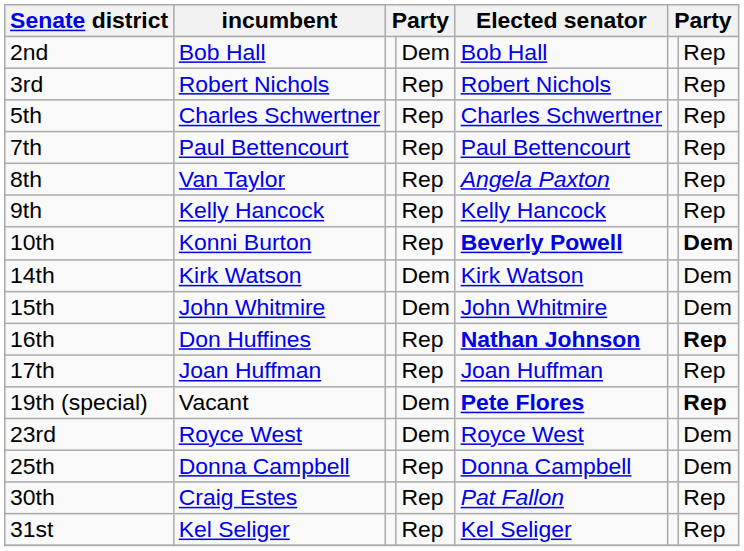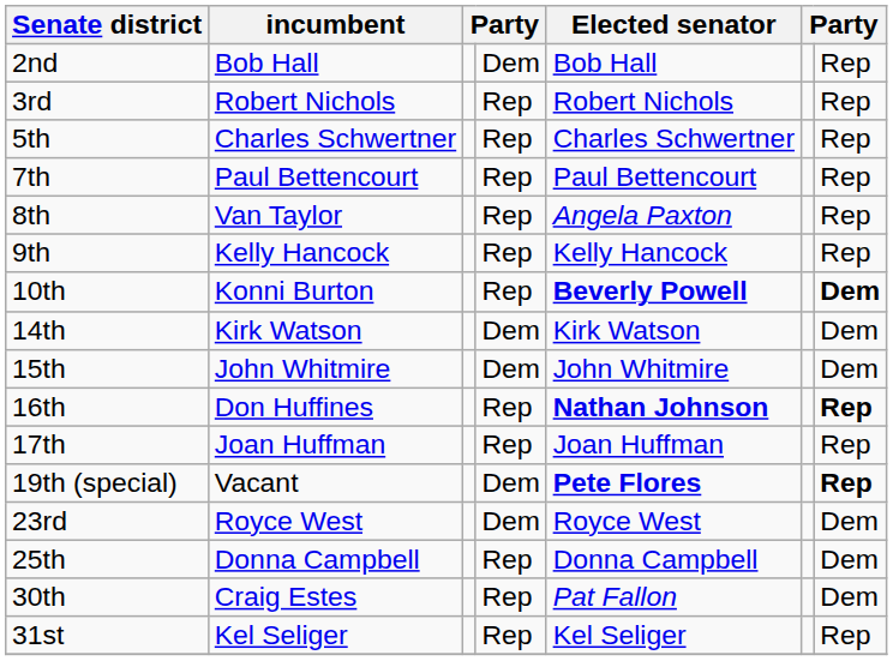 <table class="sortable wikitable" style="font-size:95%;line-height:14px;">
 <tr>
 <th colspan="1" class="unsortable"><a href='#'>Senate</a> district</th>
 <th class="unsortable">incumbent</th>
 <th colspan="2">Party</th>
 <th class="unsortable">Elected senator</th>
 <th colspan="2">Party</th>
 </tr>
 <tr>
 <td>2nd</td>
 <td><a href='#'>Bob Hall</a></td>
 <td style="background:"></td>
 <td>Dem</td>
 <td><a href='#'>Bob Hall</a></td>
 <td style="background:"></td>
 <td>Rep</td>
 </tr>
 <tr>
 <td>3rd</td>
 <td><a href='#'>Robert Nichols</a></td>
 <td style="background:"></td>
 <td>Rep</td>
 <td><a href='#'>Robert Nichols</a></td>
 <td style="background:"></td>
 <td>Rep</td>
 </tr>
 <tr>
 <td>5th</td>
 <td><a href='#'>Charles Schwertner</a></td>
 <td style="background:"></td>
 <td>Rep</td>
 <td><a href='#'>Charles Schwertner</a></td>
 <td style="background:"></td>
 <td>Rep</td>
 </tr>
 <tr>
 <td>7th</td>
 <td><a href='#'>Paul Bettencourt</a></td>
 <td style="background:"></td>
 <td>Rep</td>
 <td><a href='#'>Paul Bettencourt</a></td>
 <td style="background:"></td>
 <td>Rep</td>
 </tr>
 <tr>
 <td>8th</td>
 <td><a href='#'>Van Taylor</a></td>
 <td style="background:"></td>
 <td>Rep</td>
 <td><em><a href='#'>Angela Paxton</a></em></td>
 <td style="background:"></td>
 <td>Rep</td>
 </tr>
 <tr>
 <td>9th</td>
 <td><a href='#'>Kelly Hancock</a></td>
 <td style="background:"></td>
 <td>Rep</td>
 <td><a href='#'>Kelly Hancock</a></td>
 <td style="background:"></td>
 <td>Rep</td>
 </tr>
 <tr>
 <td>10th</td>
 <td><a href='#'>Konni Burton</a></td>
 <td style="background:"></td>
 <td>Rep</td>
 <td><strong><a href='#'>Beverly Powell</a></strong></td>
 <td style="background:"></td>
 <td><strong>Dem</strong></td>
 </tr>
 <tr>
 <td>14th</td>
 <td><a href='#'>Kirk Watson</a></td>
 <td style="background:"></td>
 <td>Dem</td>
 <td><a href='#'>Kirk Watson</a></td>
 <td style="background:"></td>
 <td>Dem</td>
 </tr>
 <tr>
 <td>15th</td>
 <td><a href='#'>John Whitmire</a></td>
 <td style="background:"></td>
 <td>Dem</td>
 <td><a href='#'>John Whitmire</a></td>
 <td style="background:"></td>
 <td>Dem</td>
 </tr>
 <tr>
 <td>16th</td>
 <td><a href='#'>Don Huffines</a></td>
 <td style="background:"></td>
 <td>Rep</td>
 <td><strong><a href='#'>Nathan Johnson</a></strong></td>
 <td style="background:"></td>
 <td><strong>Rep</strong></td>
 </tr>
 <tr>
 <td>17th</td>
 <td><a href='#'>Joan Huffman</a></td>
 <td style="background:"></td>
 <td>Rep</td>
 <td><a href='#'>Joan Huffman</a></td>
 <td style="background:"></td>
 <td>Rep</td>
 </tr>
 <tr>
 <td>19th (special)</td>
 <td>Vacant</td>
 <td style="background:"></td>
 <td>Dem</td>
 <td><strong><a href='#'>Pete Flores</a></strong></td>
 <td style="background:"></td>
 <td><strong>Rep</strong></td>
 </tr>
 <tr>
 <td>23rd</td>
 <td><a href='#'>Royce West</a></td>
 <td style="background:"></td>
 <td>Dem</td>
 <td><a href='#'>Royce West</a></td>
 <td style="background:"></td>
 <td>Dem</td>
 </tr>
 <tr>
 <td>25th</td>
 <td><a href='#'>Donna Campbell</a></td>
 <td style="background:"></td>
 <td>Rep</td>
 <td><a href='#'>Donna Campbell</a></td>
 <td style="background:"></td>
 <td>Dem</td>
 </tr>
 <tr>
 <td>30th</td>
 <td><a href='#'>Craig Estes</a></td>
 <td style="background:"></td>
 <td>Rep</td>
 <td><em><a href='#'>Pat Fallon</a></em></td>
 <td style="background:"></td>
-<td>Rep</td>
+<td>Dem</td>
 </tr>
 <tr>
 <td>31st</td>
 <td><a href='#'>Kel Seliger</a></td>
 <td style="background:"></td>
 <td>Rep</td>
 <td><a href='#'>Kel Seliger</a></td>
 <td style="background:"></td>
 <td>Rep</td>
 </tr>
 <tr>
 </tr>
 </table>
